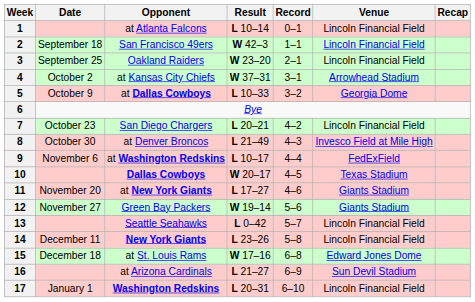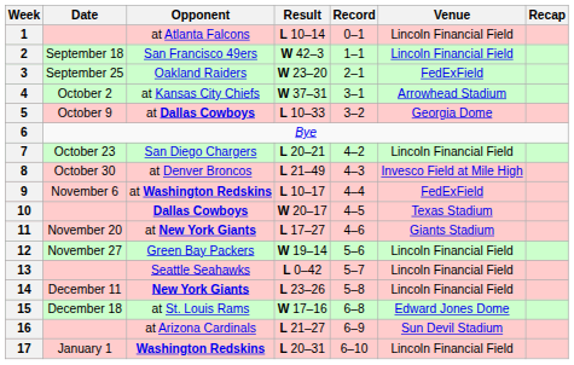 <table class="wikitable" style="text-align:center">
 <tr>
 <th>Week</th>
 <th>Date</th>
 <th>Opponent</th>
 <th>Result</th>
 <th>Record</th>
 <th>Venue</th>
 <th>Recap</th>
 </tr>
 <tr style="background:#fcc">
 <th>1</th>
 <td></td>
 <td>at <a href='#'>Atlanta Falcons</a></td>
 <td><strong>L</strong> 10–14</td>
 <td>0–1</td>
 <td>Lincoln Financial Field</td>
 <td></td>
 </tr>
 <tr style="background:#cfc">
 <th>2</th>
 <td>September 18</td>
 <td><a href='#'>San Francisco 49ers</a></td>
 <td><strong>W</strong> 42–3</td>
 <td>1–1</td>
 <td><a href='#'>Lincoln Financial Field</a></td>
 <td></td>
 </tr>
 <tr style="background:#cfc">
 <th>3</th>
 <td>September 25</td>
 <td><a href='#'>Oakland Raiders</a></td>
 <td><strong>W</strong> 23–20</td>
 <td>2–1</td>
-<td>Lincoln Financial Field</td>
+<td><a href='#'>FedExField</a></td>
 <td></td>
 </tr>
 <tr style="background:#cfc">
 <th>4</th>
 <td>October 2</td>
 <td>at <a href='#'>Kansas City Chiefs</a></td>
 <td><strong>W</strong> 37–31</td>
 <td>3–1</td>
 <td><a href='#'>Arrowhead Stadium</a></td>
 <td></td>
 </tr>
 <tr style="background:#fcc">
 <th>5</th>
 <td>October 9</td>
 <td>at <strong><a href='#'>Dallas Cowboys</a></strong></td>
 <td><strong>L</strong> 10–33</td>
 <td>3–2</td>
 <td><a href='#'>Georgia Dome</a></td>
 <td></td>
 </tr>
 <tr>
 <th>6</th>
 <td colspan="6"><em><a href='#'>Bye</a></em></td>
 </tr>
 <tr style="background:#cfc">
 <th>7</th>
 <td>October 23</td>
 <td><a href='#'>San Diego Chargers</a></td>
 <td><strong>L</strong> 20–21</td>
 <td>4–2</td>
 <td>Lincoln Financial Field</td>
 <td></td>
 </tr>
 <tr style="background:#fcc">
 <th>8</th>
 <td>October 30</td>
 <td>at <a href='#'>Denver Broncos</a></td>
 <td><strong>L</strong> 21–49</td>
 <td>4–3</td>
 <td><a href='#'>Invesco Field at Mile High</a></td>
 <td></td>
 </tr>
 <tr style="background:#fcc">
 <th>9</th>
 <td>November 6</td>
 <td>at <strong><a href='#'>Washington Redskins</a></strong></td>
 <td><strong>L</strong> 10–17</td>
 <td>4–4</td>
 <td><a href='#'>FedExField</a></td>
 <td></td>
 </tr>
 <tr style="background:#fcc">
 <th>10</th>
 <td></td>
 <td><strong><a href='#'>Dallas Cowboys</a></strong></td>
 <td><strong>W</strong> 20–17</td>
 <td>4–5</td>
 <td><a href='#'>Texas Stadium</a></td>
 <td></td>
 </tr>
 <tr style="background:#fcc">
 <th>11</th>
 <td>November 20</td>
 <td>at <strong><a href='#'>New York Giants</a></strong></td>
 <td><strong>L</strong> 17–27</td>
 <td>4–6</td>
 <td><a href='#'>Giants Stadium</a></td>
 <td></td>
 </tr>
 <tr style="background:#cfc">
 <th>12</th>
 <td>November 27</td>
 <td><a href='#'>Green Bay Packers</a></td>
 <td><strong>W</strong> 19–14</td>
 <td>5–6</td>
-<td><a href='#'>Giants Stadium</a></td>
+<td>Lincoln Financial Field</td>
 <td></td>
 </tr>
 <tr style="background:#fcc">
 <th>13</th>
 <td></td>
 <td><a href='#'>Seattle Seahawks</a></td>
 <td><strong>L</strong> 0–42</td>
 <td>5–7</td>
 <td>Lincoln Financial Field</td>
 <td></td>
 </tr>
 <tr style="background:#fcc">
 <th>14</th>
 <td>December 11</td>
 <td><strong><a href='#'>New York Giants</a></strong></td>
 <td><strong>L</strong> 23–26 </td>
 <td>5–8</td>
 <td>Lincoln Financial Field</td>
 <td></td>
 </tr>
 <tr style="background:#cfc">
 <th>15</th>
 <td>December 18</td>
 <td>at <a href='#'>St. Louis Rams</a></td>
 <td><strong>W</strong> 17–16</td>
 <td>6–8</td>
 <td><a href='#'>Edward Jones Dome</a></td>
 <td></td>
 </tr>
 <tr style="background:#fcc">
 <th>16</th>
 <td></td>
 <td>at <a href='#'>Arizona Cardinals</a></td>
 <td><strong>L</strong> 21–27</td>
 <td>6–9</td>
 <td><a href='#'>Sun Devil Stadium</a></td>
 <td></td>
 </tr>
 <tr style="background:#fcc">
 <th>17</th>
 <td>January 1</td>
 <td><strong><a href='#'>Washington Redskins</a></strong></td>
 <td><strong>L</strong> 20–31</td>
 <td>6–10</td>
 <td>Lincoln Financial Field</td>
 <td></td>
 </tr>
 </table>
